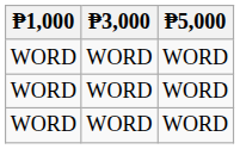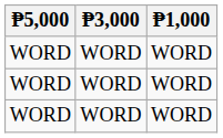 <table class="wikitable" align="center">
 <tr>
+<th>₱5,000</th>
+<th>₱3,000</th>
 <th>₱1,000</th>
-<th>₱3,000</th>
-<th>₱5,000</th>
 </tr>
 <tr>
 <td>WORD</td>
 <td>WORD</td>
 <td>WORD</td>
 </tr>
 <tr>
 <td>WORD</td>
 <td>WORD</td>
 <td>WORD</td>
 </tr>
 <tr>
 <td>WORD</td>
 <td>WORD</td>
 <td>WORD</td>
 </tr>
 </table>
